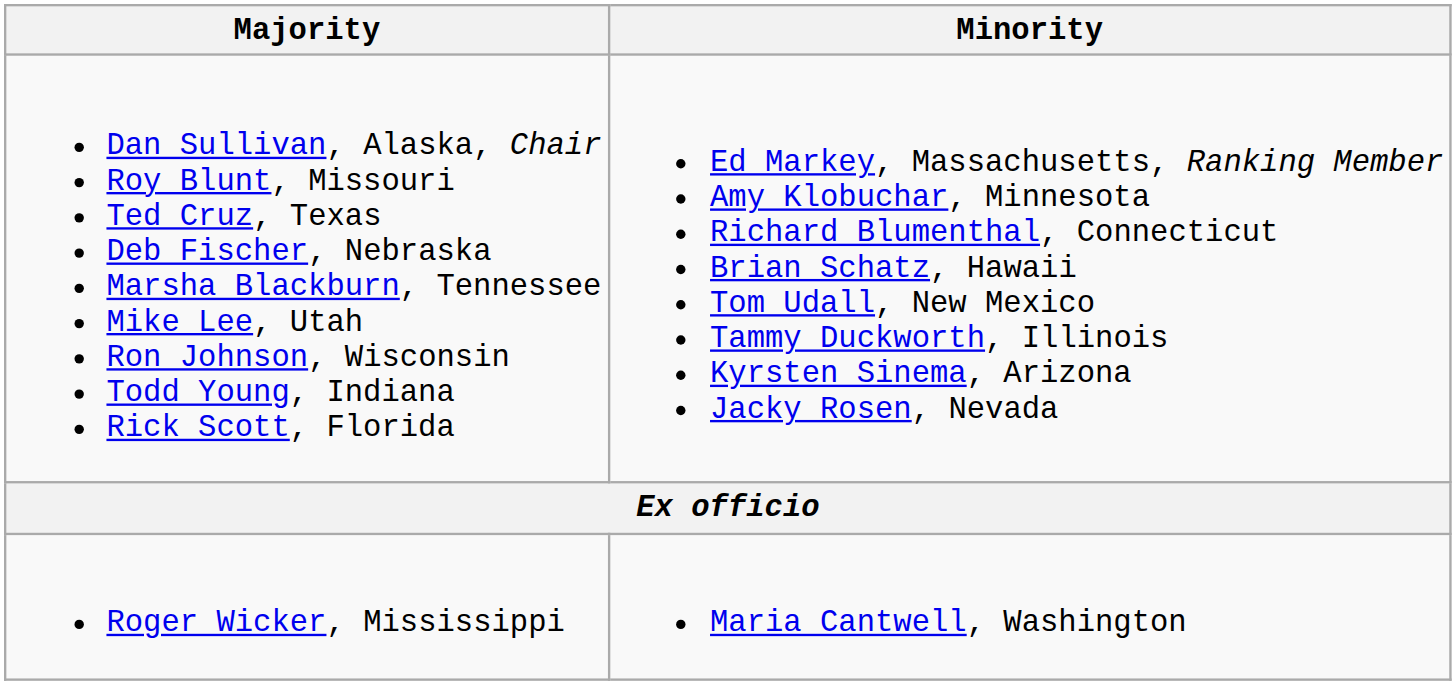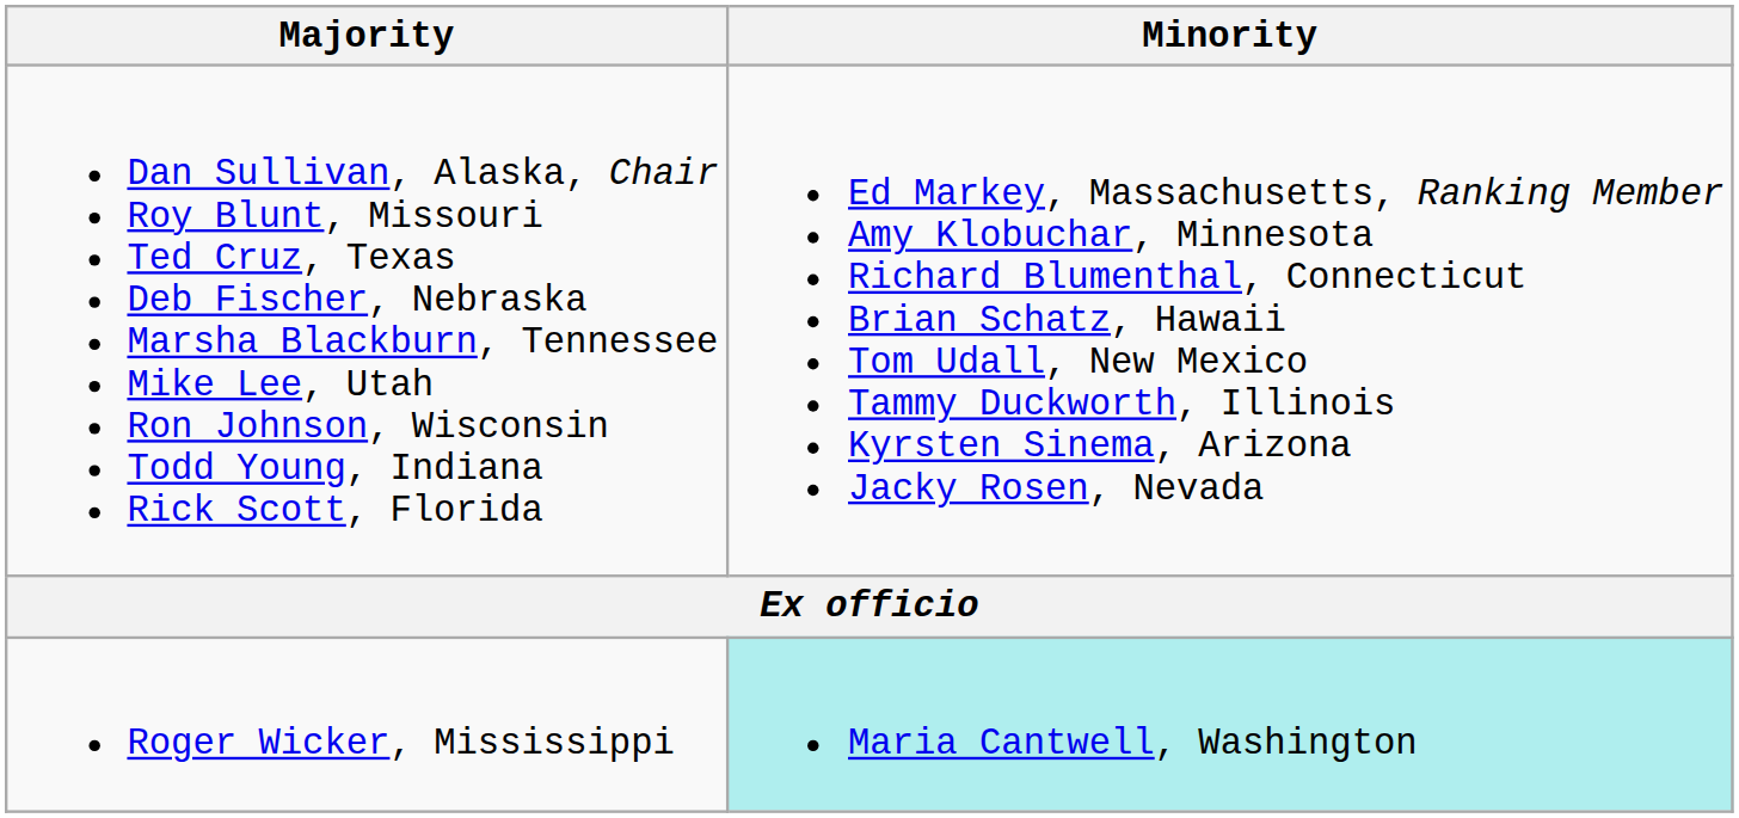 <table class=wikitable>
 <tr>
 <th>Majority</th>
 <th>Minority</th>
 </tr>
 <tr>
 <td><br><ul><li><a href='#'>Dan Sullivan</a>, Alaska, <em>Chair</em></li><li><a href='#'>Roy Blunt</a>, Missouri</li><li><a href='#'>Ted Cruz</a>, Texas</li><li><a href='#'>Deb Fischer</a>, Nebraska</li><li><a href='#'>Marsha Blackburn</a>, Tennessee</li><li><a href='#'>Mike Lee</a>, Utah</li><li><a href='#'>Ron Johnson</a>, Wisconsin</li><li><a href='#'>Todd Young</a>, Indiana</li><li><a href='#'>Rick Scott</a>, Florida</li></ul></td>
 <td><br><ul><li><a href='#'>Ed Markey</a>, Massachusetts, <em>Ranking Member</em></li><li><a href='#'>Amy Klobuchar</a>, Minnesota</li><li><a href='#'>Richard Blumenthal</a>, Connecticut</li><li><a href='#'>Brian Schatz</a>, Hawaii</li><li><a href='#'>Tom Udall</a>, New Mexico</li><li><a href='#'>Tammy Duckworth</a>, Illinois</li><li><a href='#'>Kyrsten Sinema</a>, Arizona</li><li><a href='#'>Jacky Rosen</a>, Nevada</li></ul></td>
 </tr>
 <tr>
 <th colspan=2><em>Ex officio</em></th>
 </tr>
 <tr>
 <td><br><ul><li><a href='#'>Roger Wicker</a>, Mississippi</li></ul></td>
-<td><br><ul><li><a href='#'>Maria Cantwell</a>, Washington</li></ul></td>
+<td style="background: paleturquoise;"><br><ul><li><a href='#'>Maria Cantwell</a>, Washington</li></ul></td>
 </tr>
 </table>
